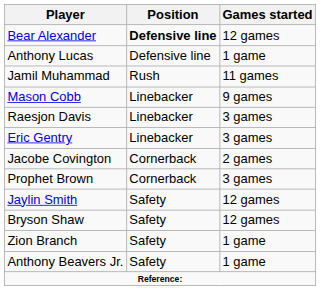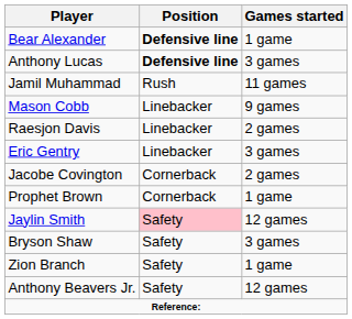 <table class="wikitable">
 <tr ;>
 <th style="text-align:center; ">Player</th>
 <th style="text-align:center; ">Position</th>
 <th style="text-align:center; ">Games started</th>
 </tr>
 <tr>
 <td><a href='#'>Bear Alexander</a></td>
 <td><strong>Defensive line</strong></td>
-<td>12 games</td>
+<td>1 game</td>
 </tr>
 <tr>
 <td>Anthony Lucas</td>
-<td>Defensive line</td>
-<td>1 game</td>
+<td><strong>Defensive line</strong></td>
+<td>3 games</td>
 </tr>
 <tr>
 <td>Jamil Muhammad</td>
 <td>Rush</td>
 <td>11 games</td>
 </tr>
 <tr>
 <td><a href='#'>Mason Cobb</a></td>
 <td>Linebacker</td>
 <td>9 games</td>
 </tr>
 <tr>
 <td>Raesjon Davis</td>
 <td>Linebacker</td>
-<td>3 games</td>
+<td>2 games</td>
 </tr>
 <tr>
 <td><a href='#'>Eric Gentry</a></td>
 <td>Linebacker</td>
 <td>3 games</td>
 </tr>
 <tr>
 <td>Jacobe Covington</td>
 <td>Cornerback</td>
 <td>2 games</td>
 </tr>
 <tr>
 <td>Prophet Brown</td>
 <td>Cornerback</td>
-<td>3 games</td>
+<td>1 game</td>
 </tr>
 <tr>
 <td><a href='#'>Jaylin Smith</a></td>
-<td>Safety</td>
+<td style="background: pink;">Safety</td>
 <td>12 games</td>
 </tr>
 <tr>
 <td>Bryson Shaw</td>
 <td>Safety</td>
-<td>12 games</td>
+<td>3 games</td>
 </tr>
 <tr>
 <td>Zion Branch</td>
 <td>Safety</td>
 <td>1 game</td>
 </tr>
 <tr>
 <td>Anthony Beavers Jr.</td>
 <td>Safety</td>
-<td>1 game</td>
+<td>12 games</td>
 </tr>
 <tr>
 <td colspan="4"  style="font-size:8pt; text-align:center;"><strong>Reference:</strong></td>
 </tr>
 </table>
